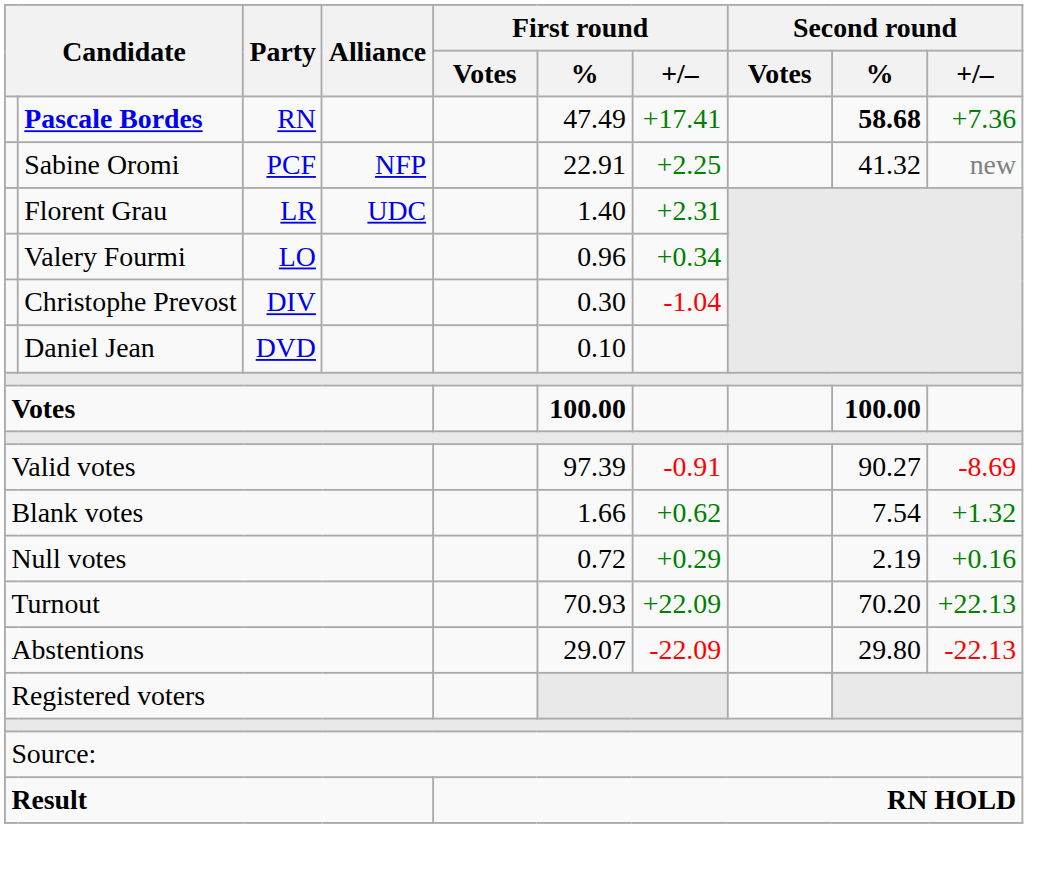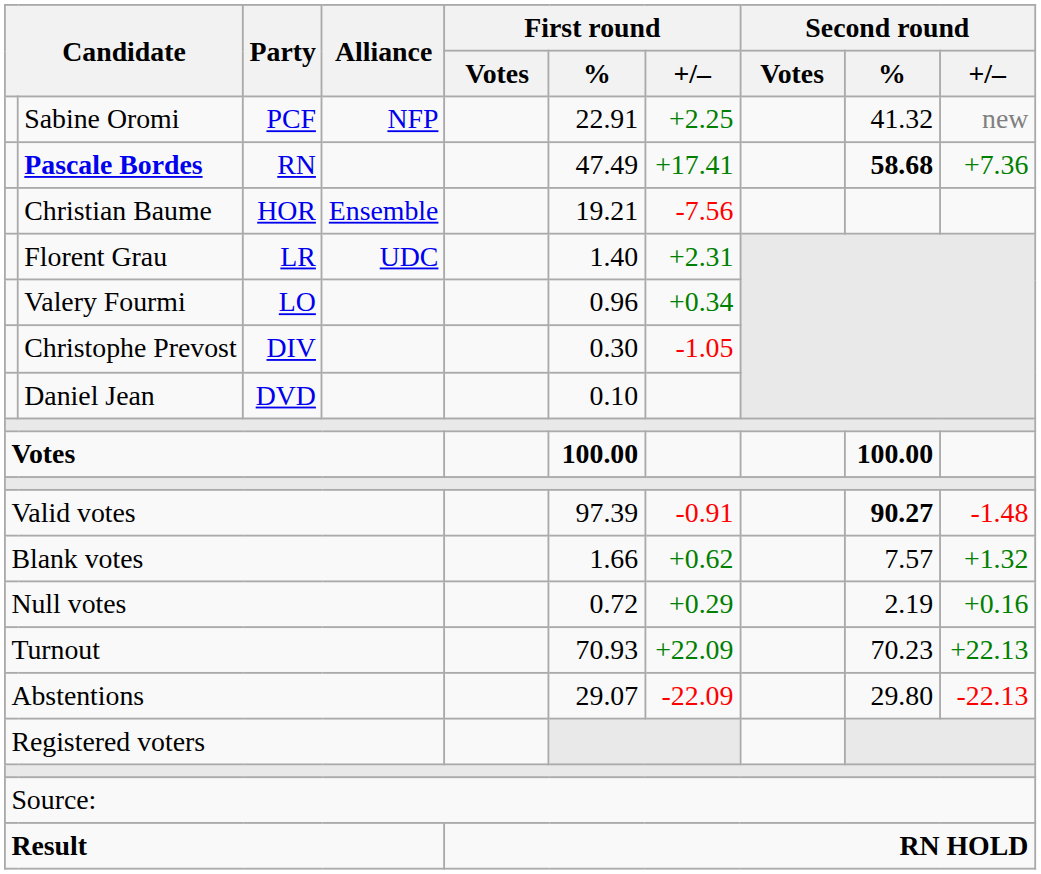 <table class="wikitable" style="text-align:right;font-size:95%;">
 <tr>
 <th rowspan="2" colspan="2">Candidate</th>
 <th colspan="1" rowspan="2">Party</th>
 <th colspan="1" rowspan="2">Alliance</th>
 <th colspan="3">First round</th>
 <th colspan="3">Second round</th>
 </tr>
 <tr>
 <th style="width:50px;">Votes</th>
 <th style="width:45px;">%</th>
 <th style="width:45px;">+/–</th>
 <th style="width:50px;">Votes</th>
 <th style="width:45px;">%</th>
 <th style="width:45px;">+/–</th>
 </tr>
 <tr>
 <td style="color:inherit;background:"></td>
+<td style="text-align:left;">Sabine Oromi</td>
+<td><a href='#'>PCF</a></td>
+<td><a href='#'>NFP</a></td>
+<td></td>
+<td>22.91</td>
+<td style="color:green;">+2.25</td>
+<td></td>
+<td>41.32</td>
+<td style="color:grey;">new</td>
+</tr>
+<tr>
+<td style="color:inherit;background:"></td>
 <td style="text-align:left;"><strong><a href='#'>Pascale Bordes</a></strong></td>
 <td><a href='#'>RN</a></td>
 <td></td>
 <td></td>
 <td>47.49</td>
 <td style="color:green;">+17.41</td>
 <td><strong></strong></td>
 <td><strong>58.68</strong></td>
 <td style="color:green;">+7.36</td>
 </tr>
 <tr>
 <td style="color:inherit;background:"></td>
-<td style="text-align:left;">Sabine Oromi</td>
-<td><a href='#'>PCF</a></td>
-<td><a href='#'>NFP</a></td>
+<td style="text-align:left;">Christian Baume</td>
+<td><a href='#'>HOR</a></td>
+<td><a href='#'>Ensemble</a></td>
 <td></td>
-<td>22.91</td>
-<td style="color:green;">+2.25</td>
+<td>19.21</td>
+<td style="color:red;">-7.56</td>
 <td></td>
-<td>41.32</td>
-<td style="color:grey;">new</td>
+<td></td>
+<td style="color:grey;"></td>
 </tr>
 <tr>
 <td style="color:inherit;background:"></td>
 <td style="text-align:left;">Florent Grau</td>
 <td><a href='#'>LR</a></td>
 <td><a href='#'>UDC</a></td>
 <td></td>
 <td>1.40</td>
 <td style="color:green;">+2.31</td>
 <td colspan="3" rowspan="4" style="background:#E9E9E9;"></td>
 </tr>
 <tr>
 <td style="color:inherit;background:"></td>
 <td style="text-align:left;">Valery Fourmi</td>
 <td><a href='#'>LO</a></td>
 <td></td>
 <td></td>
 <td>0.96</td>
 <td style="color:green;">+0.34</td>
 </tr>
 <tr>
 <td style="color:inherit;background:"></td>
 <td style="text-align:left;">Christophe Prevost</td>
 <td><a href='#'>DIV</a></td>
 <td></td>
 <td></td>
 <td>0.30</td>
-<td style="color:red;">-1.04</td>
+<td style="color:red;">-1.05</td>
 </tr>
 <tr>
 <td style="color:inherit;background:"></td>
 <td style="text-align:left;">Daniel Jean</td>
 <td><a href='#'>DVD</a></td>
 <td></td>
 <td></td>
 <td>0.10</td>
 <td style="color:grey;"></td>
 </tr>
 <tr>
 <td colspan="10" style="background:#E9E9E9;"></td>
 </tr>
 <tr style="font-weight:bold;">
 <td colspan="4" style="text-align:left;">Votes</td>
 <td></td>
 <td>100.00</td>
 <td></td>
 <td></td>
 <td>100.00</td>
 <td></td>
 </tr>
 <tr>
 <td colspan="10" style="background:#E9E9E9;"></td>
 </tr>
 <tr>
 <td colspan="4" style="text-align:left;">Valid votes</td>
 <td></td>
 <td>97.39</td>
 <td style="color:red;">-0.91</td>
 <td></td>
-<td>90.27</td>
-<td style="color:red;">-8.69</td>
+<td><strong>90.27</strong></td>
+<td style="color:red;">-1.48</td>
 </tr>
 <tr>
 <td colspan="4" style="text-align:left;">Blank votes</td>
 <td></td>
 <td>1.66</td>
 <td style="color:green;">+0.62</td>
 <td></td>
-<td>7.54</td>
+<td>7.57</td>
 <td style="color:green;">+1.32</td>
 </tr>
 <tr>
 <td colspan="4" style="text-align:left;">Null votes</td>
 <td></td>
 <td>0.72</td>
 <td style="color:green;">+0.29</td>
 <td></td>
 <td>2.19</td>
 <td style="color:green;">+0.16</td>
 </tr>
 <tr>
 <td colspan="4" style="text-align:left;">Turnout</td>
 <td></td>
 <td>70.93</td>
 <td style="color:green;">+22.09</td>
 <td></td>
-<td>70.20</td>
+<td>70.23</td>
 <td style="color:green;">+22.13</td>
 </tr>
 <tr>
 <td colspan="4" style="text-align:left;">Abstentions</td>
 <td></td>
 <td>29.07</td>
 <td style="color:red;">-22.09</td>
 <td></td>
 <td>29.80</td>
 <td style="color:red;">-22.13</td>
 </tr>
 <tr>
 <td colspan="4" style="text-align:left;">Registered voters</td>
 <td></td>
 <td colspan="2" style="background:#E9E9E9;"></td>
 <td></td>
 <td colspan="2" style="background:#E9E9E9;"></td>
 </tr>
 <tr>
 <td colspan="10" style="background:#E9E9E9;"></td>
 </tr>
 <tr>
 <td colspan="10" style="text-align:left;">Source: </td>
 </tr>
 <tr style="font-weight:bold">
 <td colspan="4" style="text-align:left;">Result</td>
 <td colspan="6" style="background-color:">RN HOLD</td>
 </tr>
 </table>
